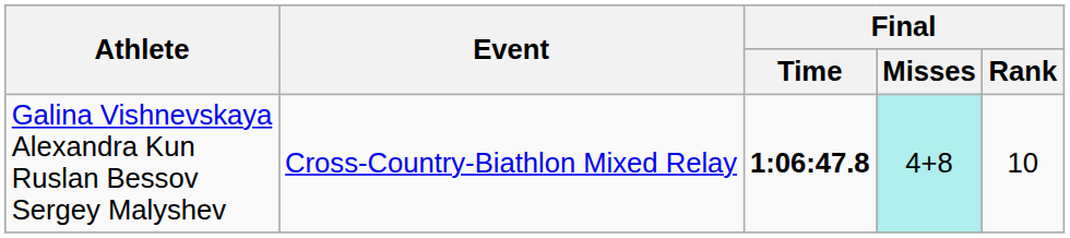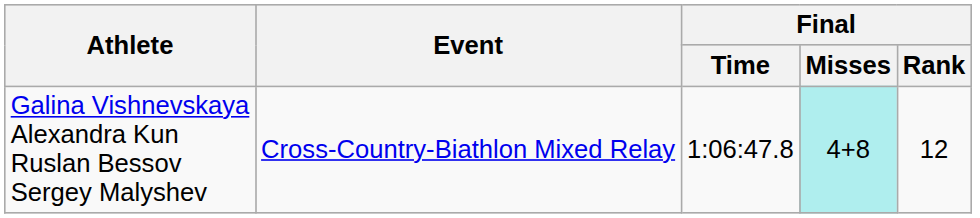 <table class="wikitable">
 <tr>
 <th rowspan="2">Athlete</th>
 <th rowspan="2">Event</th>
 <th colspan="3">Final</th>
 </tr>
 <tr>
 <th>Time</th>
 <th>Misses</th>
 <th>Rank</th>
 </tr>
 <tr>
 <td><a href='#'>Galina Vishnevskaya</a><br>Alexandra Kun<br>Ruslan Bessov<br>Sergey Malyshev</td>
 <td><a href='#'>Cross-Country-Biathlon Mixed Relay</a></td>
-<td align="center"><strong>1:06:47.8</strong></td>
+<td align="center">1:06:47.8</td>
 <td align="center" style="background: paleturquoise;">4+8</td>
-<td align="center">10</td>
+<td align="center">12</td>
 </tr>
 </table>
